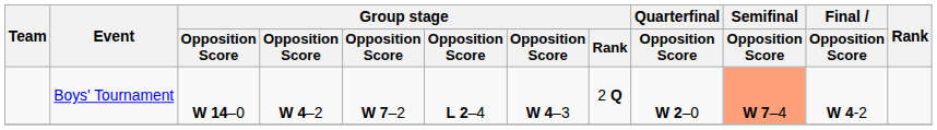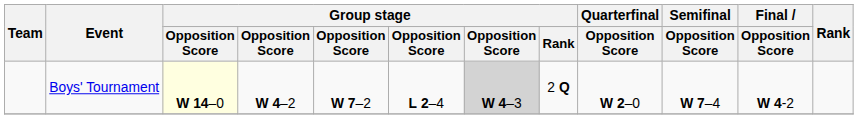 <table class="wikitable" style="font-size:90%">
 <tr>
 <th rowspan=2>Team</th>
 <th rowspan=2>Event</th>
 <th colspan=6>Group stage</th>
 <th>Quarterfinal</th>
 <th>Semifinal</th>
 <th>Final / </th>
 <th rowspan=2>Rank</th>
 </tr>
 <tr style="font-size:95%">
 <th>Opposition<br>Score</th>
 <th>Opposition<br>Score</th>
 <th>Opposition<br>Score</th>
 <th>Opposition<br>Score</th>
 <th>Opposition<br>Score</th>
 <th>Rank</th>
 <th>Opposition<br>Score</th>
 <th>Opposition<br>Score</th>
 <th>Opposition<br>Score</th>
 </tr>
 <tr align=center>
 <td align=center></td>
 <td align=left><a href='#'>Boys' Tournament</a></td>
-<td align=center><br><br><strong>W</strong> <strong>14</strong>–0</td>
+<td align=center style="background: lightyellow;"><br><br><strong>W</strong> <strong>14</strong>–0</td>
 <td align=center><br><br><strong>W</strong> <strong>4</strong>–2</td>
 <td align=center><br><br><strong>W</strong> <strong>7</strong>–2</td>
 <td align=center><br><br><strong>L</strong> <strong>2</strong>–4</td>
-<td align=center><br><br><strong>W</strong> <strong>4</strong>–3</td>
+<td align=center style="background: lightgrey;"><br><br><strong>W</strong> <strong>4</strong>–3</td>
 <td align=center>2 <strong>Q</strong></td>
 <td align=center><br><br><strong>W</strong> <strong>2</strong>–0</td>
-<td align=center style="background: lightsalmon;"><br><br><strong>W</strong> <strong>7</strong>–4</td>
+<td align=center><br><br><strong>W</strong> <strong>7</strong>–4</td>
 <td align=center><br><br><strong>W</strong> <strong>4</strong>-2</td>
 <td align=center></td>
 </tr>
 <tr align=center>
 </tr>
 </table>
